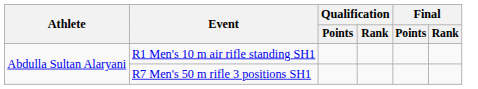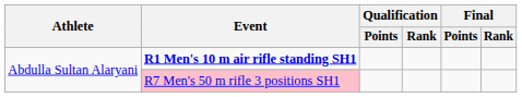 <table class="wikitable" style="font-size:90%">
 <tr>
 <th rowspan="2">Athlete</th>
 <th rowspan="2">Event</th>
 <th colspan="2">Qualification</th>
 <th colspan="2">Final</th>
 </tr>
 <tr style="font-size:95%">
 <th>Points</th>
 <th>Rank</th>
 <th>Points</th>
 <th>Rank</th>
 </tr>
 <tr align=center>
 <td align=left rowspan=2><a href='#'>Abdulla Sultan Alaryani</a></td>
-<td align=left><a href='#'>R1 Men's 10 m air rifle standing SH1</a></td>
+<td align=left><strong><a href='#'>R1 Men's 10 m air rifle standing SH1</a></strong></td>
 <td></td>
 <td></td>
 <td></td>
 <td></td>
 </tr>
 <tr align=center>
-<td align=left><a href='#'>R7 Men's 50 m rifle 3 positions SH1</a></td>
+<td align=left style="background: pink;"><a href='#'>R7 Men's 50 m rifle 3 positions SH1</a></td>
 <td></td>
 <td></td>
 <td></td>
 <td></td>
 </tr>
 </table>
